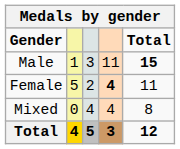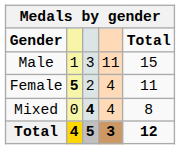 <table class="wikitable" style=font-size:85%;float:right;text-align:center>
 <tr>
 <th colspan=5>Medals by gender</th>
 </tr>
 <tr>
 <td><strong>Gender</strong></td>
 <td bgcolor=F7F6A8></td>
 <td bgcolor=DCE5E5></td>
 <td bgcolor=FFDAB9></td>
 <td><strong>Total</strong></td>
 </tr>
 <tr align=center>
 <td>Male</td>
 <td style="background:#F7F6A8;">1</td>
 <td style="background:#DCE5E5;">3</td>
 <td style="background:#FFDAB9;">11</td>
-<td><strong>15</strong></td>
+<td>15</td>
 </tr>
 <tr align=center>
 <td>Female</td>
-<td style="background:#F7F6A8;">5</td>
+<td style="background:#F7F6A8;"><strong>5</strong></td>
 <td style="background:#DCE5E5;">2</td>
-<td style="background:#FFDAB9;"><strong>4</strong></td>
+<td style="background:#FFDAB9;">4</td>
 <td>11</td>
 </tr>
 <tr align=center>
 <td>Mixed</td>
 <td style="background:#F7F6A8;">0</td>
-<td style="background:#DCE5E5;">4</td>
+<td style="background:#DCE5E5;"><strong>4</strong></td>
 <td style="background:#FFDAB9;">4</td>
 <td>8</td>
 </tr>
 <tr align=center>
 <th><strong>Total</strong></th>
 <th style="background:gold;"><strong>4</strong></th>
 <th style="background:silver;"><strong>5</strong></th>
 <th style="background:#c96;"><strong>3</strong></th>
 <td><strong>12</strong></td>
 </tr>
 </table>
